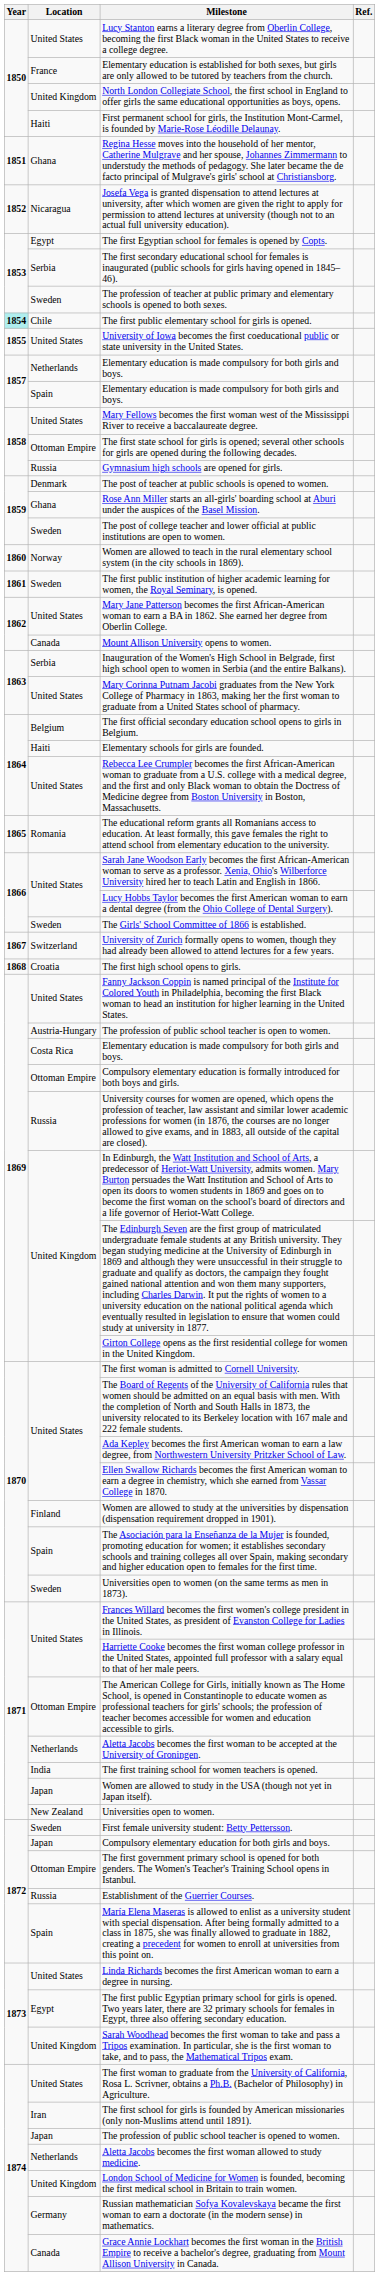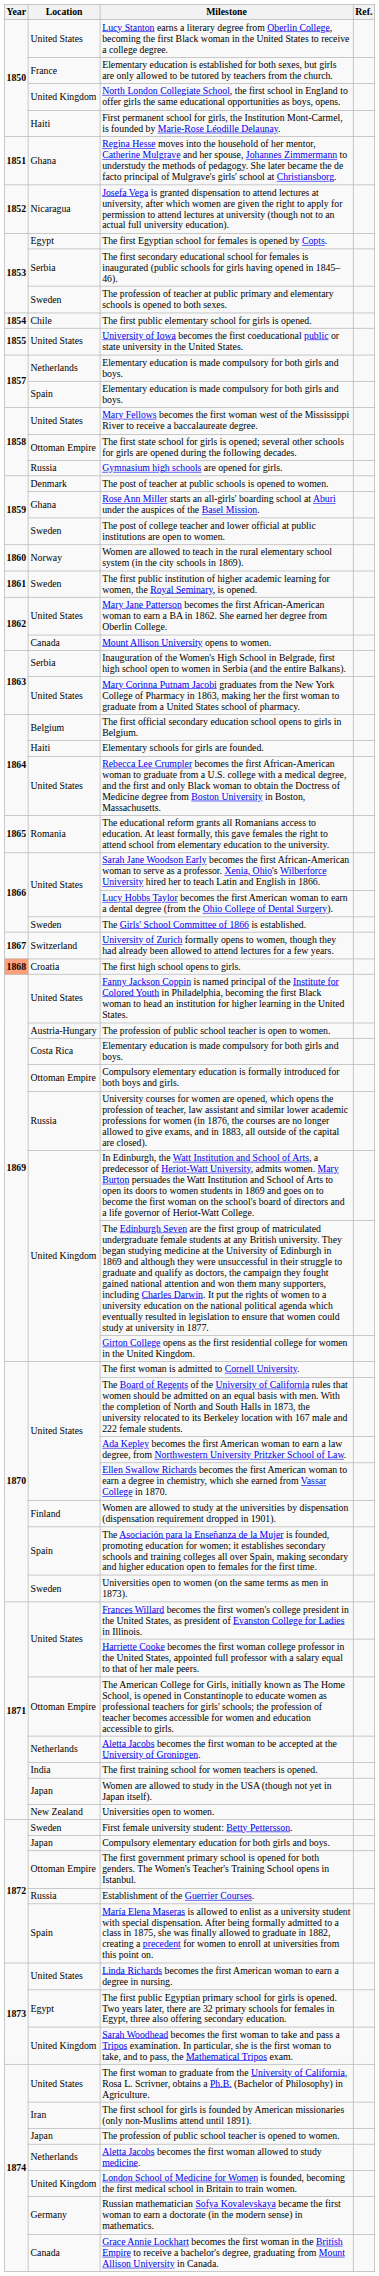 <table class="wikitable sortable">
 <tr>
 <th>Year</th>
 <th width=110>Location</th>
 <th>Milestone</th>
 <th>Ref.</th>
 </tr>
 <tr>
 <td rowspan="4"><strong>1850</strong></td>
 <td>United States</td>
 <td><a href='#'>Lucy Stanton</a> earns a literary degree from <a href='#'>Oberlin College</a>, becoming the first Black woman in the United States to receive a college degree.</td>
 <td></td>
 </tr>
 <tr>
 <td>France</td>
 <td>Elementary education is established for both sexes, but girls are only allowed to be tutored by teachers from the church.</td>
 <td></td>
 </tr>
 <tr>
 <td>United Kingdom</td>
 <td><a href='#'>North London Collegiate School</a>, the first school in England to offer girls the same educational opportunities as boys, opens.</td>
 <td></td>
 </tr>
 <tr>
 <td>Haiti</td>
 <td>First permanent school for girls, the Institution Mont-Carmel, is founded by <a href='#'>Marie-Rose Léodille Delaunay</a>.</td>
 <td></td>
 </tr>
 <tr>
 <td><strong>1851</strong></td>
 <td>Ghana</td>
 <td><a href='#'>Regina Hesse</a> moves into the household of her mentor, <a href='#'>Catherine Mulgrave</a> and her spouse, <a href='#'>Johannes Zimmermann</a> to understudy the methods of pedagogy. She later became the de facto principal of Mulgrave's girls' school at <a href='#'>Christiansborg</a>.</td>
 <td></td>
 </tr>
 <tr>
 <td><strong>1852</strong></td>
 <td>Nicaragua</td>
 <td><a href='#'>Josefa Vega</a> is granted dispensation to attend lectures at university, after which women are given the right to apply for permission to attend lectures at university (though not to an actual full university education).</td>
 <td></td>
 </tr>
 <tr>
 <td rowspan="3"><strong>1853</strong></td>
 <td>Egypt</td>
 <td>The first Egyptian school for females is opened by <a href='#'>Copts</a>.</td>
 <td></td>
 </tr>
 <tr>
 <td>Serbia</td>
 <td>The first secondary educational school for females is inaugurated (public schools for girls having opened in 1845–46).</td>
 <td></td>
 </tr>
 <tr>
 <td>Sweden</td>
 <td>The profession of teacher at public primary and elementary schools is opened to both sexes.</td>
 <td></td>
 </tr>
 <tr>
-<td style="background: paleturquoise;"><strong>1854</strong></td>
+<td><strong>1854</strong></td>
 <td>Chile</td>
 <td>The first public elementary school for girls is opened.</td>
 <td></td>
 </tr>
 <tr>
 <td><strong>1855</strong></td>
 <td>United States</td>
 <td><a href='#'>University of Iowa</a> becomes the first coeducational <a href='#'>public</a> or state university in the United States.</td>
 <td></td>
 </tr>
 <tr>
 <td rowspan="2"><strong>1857</strong></td>
 <td>Netherlands</td>
 <td>Elementary education is made compulsory for both girls and boys.</td>
 <td></td>
 </tr>
 <tr>
 <td>Spain</td>
 <td>Elementary education is made compulsory for both girls and boys.</td>
 <td></td>
 </tr>
 <tr>
 <td rowspan="3"><strong>1858</strong></td>
 <td>United States</td>
 <td><a href='#'>Mary Fellows</a> becomes the first woman west of the Mississippi River to receive a baccalaureate degree.</td>
 <td></td>
 </tr>
 <tr>
 <td>Ottoman Empire</td>
 <td>The first state school for girls is opened; several other schools for girls are opened during the following decades.</td>
 <td></td>
 </tr>
 <tr>
 <td>Russia</td>
 <td><a href='#'>Gymnasium high schools</a> are opened for girls.</td>
 <td></td>
 </tr>
 <tr>
 <td rowspan="3"><strong>1859</strong></td>
 <td>Denmark</td>
 <td>The post of teacher at public schools is opened to women.</td>
 <td></td>
 </tr>
 <tr>
 <td>Ghana</td>
 <td><a href='#'>Rose Ann Miller</a> starts an all-girls' boarding school at <a href='#'>Aburi</a> under the auspices of the <a href='#'>Basel Mission</a>.</td>
 <td></td>
 </tr>
 <tr>
 <td>Sweden</td>
 <td>The post of college teacher and lower official at public institutions are open to women.</td>
 <td></td>
 </tr>
 <tr>
 <td><strong>1860</strong></td>
 <td>Norway</td>
 <td>Women are allowed to teach in the rural elementary school system (in the city schools in 1869).</td>
 <td></td>
 </tr>
 <tr>
 <td><strong>1861</strong></td>
 <td>Sweden</td>
 <td>The first public institution of higher academic learning for women, the <a href='#'>Royal Seminary</a>, is opened.</td>
 <td></td>
 </tr>
 <tr>
 <td rowspan="2"><strong>1862</strong></td>
 <td>United States</td>
 <td><a href='#'>Mary Jane Patterson</a> becomes the first African-American woman to earn a BA in 1862. She earned her degree from Oberlin College.</td>
 <td></td>
 </tr>
 <tr>
 <td>Canada</td>
 <td><a href='#'>Mount Allison University</a> opens to women.</td>
 <td></td>
 </tr>
 <tr>
 <td rowspan="2"><strong>1863</strong></td>
 <td>Serbia</td>
 <td>Inauguration of the Women's High School in Belgrade, first high school open to women in Serbia (and the entire Balkans).</td>
 <td></td>
 </tr>
 <tr>
 <td>United States</td>
 <td><a href='#'>Mary Corinna Putnam Jacobi</a> graduates from the New York College of Pharmacy in 1863, making her the first woman to graduate from a United States school of pharmacy.</td>
 <td></td>
 </tr>
 <tr>
 <td rowspan="3"><strong>1864</strong></td>
 <td>Belgium</td>
 <td>The first official secondary education school opens to girls in Belgium.</td>
 <td></td>
 </tr>
 <tr>
 <td>Haiti</td>
 <td>Elementary schools for girls are founded.</td>
 <td></td>
 </tr>
 <tr>
 <td>United States</td>
 <td><a href='#'>Rebecca Lee Crumpler</a> becomes the first African-American woman to graduate from a U.S. college with a medical degree, and the first and only Black woman to obtain the Doctress of Medicine degree from <a href='#'>Boston University</a> in Boston, Massachusetts.</td>
 <td></td>
 </tr>
 <tr>
 <td><strong>1865</strong></td>
 <td>Romania</td>
 <td>The educational reform grants all Romanians access to education. At least formally, this gave females the right to attend school from elementary education to the university.</td>
 <td></td>
 </tr>
 <tr>
 <td rowspan="3"><strong>1866</strong></td>
 <td rowspan="2">United States</td>
 <td><a href='#'>Sarah Jane Woodson Early</a> becomes the first African-American woman to serve as a professor. <a href='#'>Xenia, Ohio</a>'s <a href='#'>Wilberforce University</a> hired her to teach Latin and English in 1866.</td>
 <td></td>
 </tr>
 <tr>
 <td><a href='#'>Lucy Hobbs Taylor</a> becomes the first American woman to earn a dental degree (from the <a href='#'>Ohio College of Dental Surgery</a>).</td>
 <td></td>
 </tr>
 <tr>
 <td>Sweden</td>
 <td>The <a href='#'>Girls' School Committee of 1866</a> is established.</td>
 <td></td>
 </tr>
 <tr>
 <td><strong>1867</strong></td>
 <td>Switzerland</td>
 <td><a href='#'>University of Zurich</a> formally opens to women, though they had already been allowed to attend lectures for a few years.</td>
 <td></td>
 </tr>
 <tr>
-<td><strong>1868</strong></td>
+<td style="background: lightsalmon;"><strong>1868</strong></td>
 <td>Croatia</td>
 <td>The first high school opens to girls.</td>
 <td></td>
 </tr>
 <tr>
 <td rowspan="8"><strong>1869</strong></td>
 <td>United States</td>
 <td><a href='#'>Fanny Jackson Coppin</a> is named principal of the <a href='#'>Institute for Colored Youth</a> in Philadelphia, becoming the first Black woman to head an institution for higher learning in the United States.</td>
 <td></td>
 </tr>
 <tr>
 <td>Austria-Hungary</td>
 <td>The profession of public school teacher is open to women.</td>
 <td></td>
 </tr>
 <tr>
 <td>Costa Rica</td>
 <td>Elementary education is made compulsory for both girls and boys.</td>
 <td></td>
 </tr>
 <tr>
 <td>Ottoman Empire</td>
 <td>Compulsory elementary education is formally introduced for both boys and girls.</td>
 <td></td>
 </tr>
 <tr>
 <td>Russia</td>
 <td>University courses for women are opened, which opens the profession of teacher, law assistant and similar lower academic professions for women (in 1876, the courses are no longer allowed to give exams, and in 1883, all outside of the capital are closed).</td>
 <td></td>
 </tr>
 <tr>
 <td rowspan="3">United Kingdom</td>
 <td>In Edinburgh, the <a href='#'>Watt Institution and School of Arts</a>, a predecessor of <a href='#'>Heriot-Watt University</a>, admits women. <a href='#'>Mary Burton</a> persuades the Watt Institution and School of Arts to open its doors to women students in 1869 and goes on to become the first woman on the school's board of directors and a life governor of Heriot-Watt College.</td>
 <td></td>
 </tr>
 <tr>
 <td>The <a href='#'>Edinburgh Seven</a> are the first group of matriculated undergraduate female students at any British university. They began studying medicine at the University of Edinburgh in 1869 and although they were unsuccessful in their struggle to graduate and qualify as doctors, the campaign they fought gained national attention and won them many supporters, including <a href='#'>Charles Darwin</a>. It put the rights of women to a university education on the national political agenda which eventually resulted in legislation to ensure that women could study at university in 1877.</td>
 <td></td>
 </tr>
 <tr>
 <td><a href='#'>Girton College</a> opens as the first residential college for women in the United Kingdom.</td>
 <td></td>
 </tr>
 <tr>
 <td rowspan="7"><strong>1870</strong></td>
 <td rowspan="4">United States</td>
 <td>The first woman is admitted to <a href='#'>Cornell University</a>.</td>
 <td></td>
 </tr>
 <tr>
 <td>The <a href='#'>Board of Regents</a> of the <a href='#'>University of California</a> rules that women should be admitted on an equal basis with men. With the completion of North and South Halls in 1873, the university relocated to its Berkeley location with 167 male and 222 female students.</td>
 <td></td>
 </tr>
 <tr>
 <td><a href='#'>Ada Kepley</a> becomes the first American woman to earn a law degree, from <a href='#'>Northwestern University Pritzker School of Law</a>.</td>
 <td></td>
 </tr>
 <tr>
 <td><a href='#'>Ellen Swallow Richards</a> becomes the first American woman to earn a degree in chemistry, which she earned from <a href='#'>Vassar College</a> in 1870.</td>
 <td></td>
 </tr>
 <tr>
 <td>Finland</td>
 <td>Women are allowed to study at the universities by dispensation (dispensation requirement dropped in 1901).</td>
 <td></td>
 </tr>
 <tr>
 <td>Spain</td>
 <td>The <a href='#'>Asociación para la Enseñanza de la Mujer</a> is founded, promoting education for women; it establishes secondary schools and training colleges all over Spain, making secondary and higher education open to females for the first time.</td>
 <td></td>
 </tr>
 <tr>
 <td>Sweden</td>
 <td>Universities open to women (on the same terms as men in 1873).</td>
 <td></td>
 </tr>
 <tr>
 <td rowspan="7"><strong>1871</strong></td>
 <td rowspan="2">United States</td>
 <td><a href='#'>Frances Willard</a> becomes the first women's college president in the United States, as president of <a href='#'>Evanston College for Ladies</a> in Illinois.</td>
 <td></td>
 </tr>
 <tr>
 <td><a href='#'>Harriette Cooke</a> becomes the first woman college professor in the United States, appointed full professor with a salary equal to that of her male peers.</td>
 <td></td>
 </tr>
 <tr>
 <td>Ottoman Empire</td>
 <td>The American College for Girls, initially known as The Home School, is opened in Constantinople to educate women as professional teachers for girls' schools; the profession of teacher becomes accessible for women and education accessible to girls.</td>
 <td></td>
 </tr>
 <tr>
 <td>Netherlands</td>
 <td><a href='#'>Aletta Jacobs</a> becomes the first woman to be accepted at the <a href='#'>University of Groningen</a>.</td>
 <td></td>
 </tr>
 <tr>
 <td>India</td>
 <td>The first training school for women teachers is opened.</td>
 <td></td>
 </tr>
 <tr>
 <td>Japan</td>
 <td>Women are allowed to study in the USA (though not yet in Japan itself).</td>
 <td></td>
 </tr>
 <tr>
 <td>New Zealand</td>
 <td>Universities open to women.</td>
 <td></td>
 </tr>
 <tr>
 <td rowspan="5"><strong>1872</strong></td>
 <td>Sweden</td>
 <td>First female university student: <a href='#'>Betty Pettersson</a>.</td>
 <td></td>
 </tr>
 <tr>
 <td>Japan</td>
 <td>Compulsory elementary education for both girls and boys.</td>
 <td></td>
 </tr>
 <tr>
 <td>Ottoman Empire</td>
 <td>The first government primary school is opened for both genders. The Women's Teacher's Training School opens in Istanbul.</td>
 <td></td>
 </tr>
 <tr>
 <td>Russia</td>
 <td>Establishment of the <a href='#'>Guerrier Courses</a>.</td>
 <td></td>
 </tr>
 <tr>
 <td>Spain</td>
 <td><a href='#'>María Elena Maseras</a> is allowed to enlist as a university student with special dispensation. After being formally admitted to a class in 1875, she was finally allowed to graduate in 1882, creating a <a href='#'>precedent</a> for women to enroll at universities from this point on.</td>
 <td></td>
 </tr>
 <tr>
 <td rowspan="3"><strong>1873</strong></td>
 <td>United States</td>
 <td><a href='#'>Linda Richards</a> becomes the first American woman to earn a degree in nursing.</td>
 <td></td>
 </tr>
 <tr>
 <td>Egypt</td>
 <td>The first public Egyptian primary school for girls is opened. Two years later, there are 32 primary schools for females in Egypt, three also offering secondary education.</td>
 <td></td>
 </tr>
 <tr>
 <td>United Kingdom</td>
 <td><a href='#'>Sarah Woodhead</a> becomes the first woman to take and pass a <a href='#'>Tripos</a> examination. In particular, she is the first woman to take, and to pass, the <a href='#'>Mathematical Tripos</a> exam.</td>
 <td></td>
 </tr>
 <tr>
 <td rowspan="7"><strong>1874</strong></td>
 <td>United States</td>
 <td>The first woman to graduate from the <a href='#'>University of California</a>, Rosa L. Scrivner, obtains a <a href='#'>Ph.B.</a> (Bachelor of Philosophy) in Agriculture.</td>
 <td></td>
 </tr>
 <tr>
 <td>Iran</td>
 <td>The first school for girls is founded by American missionaries (only non-Muslims attend until 1891).</td>
 <td></td>
 </tr>
 <tr>
 <td>Japan</td>
 <td>The profession of public school teacher is opened to women.</td>
 <td></td>
 </tr>
 <tr>
 <td>Netherlands</td>
 <td><a href='#'>Aletta Jacobs</a> becomes the first woman allowed to study <a href='#'>medicine</a>.</td>
 <td></td>
 </tr>
 <tr>
 <td>United Kingdom</td>
 <td><a href='#'>London School of Medicine for Women</a> is founded, becoming the first medical school in Britain to train women.</td>
 <td></td>
 </tr>
 <tr>
 <td>Germany</td>
 <td>Russian mathematician <a href='#'>Sofya Kovalevskaya</a> became the first woman to earn a doctorate (in the modern sense) in mathematics.</td>
 </tr>
 <tr>
 <td>Canada</td>
 <td><a href='#'>Grace Annie Lockhart</a> becomes the first woman in the <a href='#'>British Empire</a> to receive a bachelor's degree, graduating from <a href='#'>Mount Allison University</a> in Canada.</td>
 <td></td>
 </tr>
 </table>
